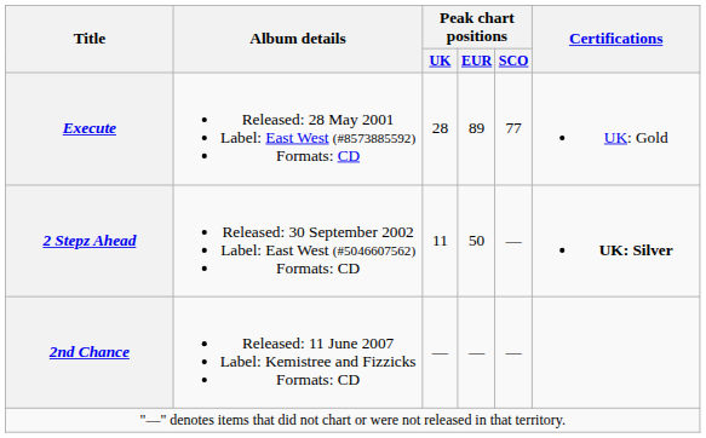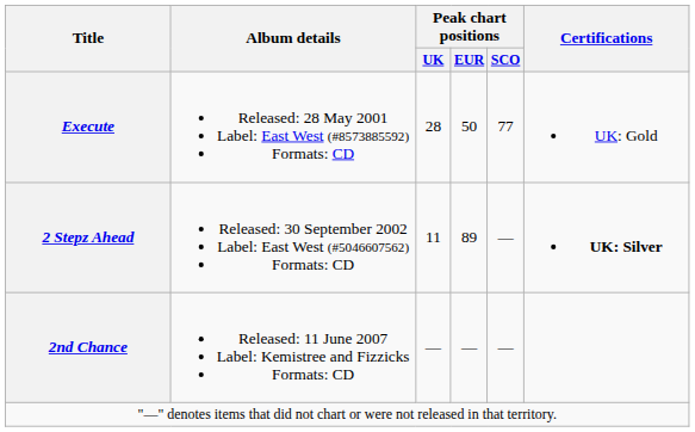 <table class="wikitable plainrowheaders" style="text-align:center;">
 <tr>
 <th scope="col" rowspan="2" style="width:10em;">Title</th>
 <th scope="col" rowspan="2" style="width:15em;">Album details</th>
 <th scope="col" colspan="3">Peak chart positions</th>
 <th scope="col" rowspan="2" style="width:10em;"><a href='#'>Certifications</a></th>
 </tr>
 <tr>
 <th style="width:2em;font-size:90%;"><a href='#'>UK</a><br></th>
 <th style="width:2em;font-size:90%;"><a href='#'>EUR</a><br></th>
 <th style="width:2em;font-size:90%;"><a href='#'>SCO</a><br></th>
 </tr>
 <tr>
 <th scope="row"><em><a href='#'>Execute</a></em></th>
 <td><br><ul><li>Released: 28 May 2001</li><li>Label: <a href='#'>East West</a> <small>(#8573885592)</small></li><li>Formats: <a href='#'>CD</a></li></ul></td>
 <td>28</td>
-<td>89</td>
+<td>50</td>
 <td>77</td>
 <td><br><ul><li><a href='#'>UK</a>: Gold</li></ul></td>
 </tr>
 <tr>
 <th scope="row"><em><a href='#'>2 Stepz Ahead</a></em></th>
 <td><br><ul><li>Released: 30 September 2002</li><li>Label: East West <small>(#5046607562)</small></li><li>Formats: CD</li></ul></td>
 <td>11</td>
-<td>50</td>
+<td>89</td>
 <td>—</td>
 <td><strong><br><ul><li>UK: Silver</li></ul></strong></td>
 </tr>
 <tr>
 <th scope="row"><em><a href='#'>2nd Chance</a></em></th>
 <td><br><ul><li>Released: 11 June 2007</li><li>Label: Kemistree and Fizzicks</li><li>Formats: CD</li></ul></td>
 <td>—</td>
 <td>—</td>
 <td>—</td>
 <td></td>
 </tr>
 <tr>
 <td align="center" colspan="15" style="font-size:90%">"—" denotes items that did not chart or were not released in that territory.</td>
 </tr>
 </table>
